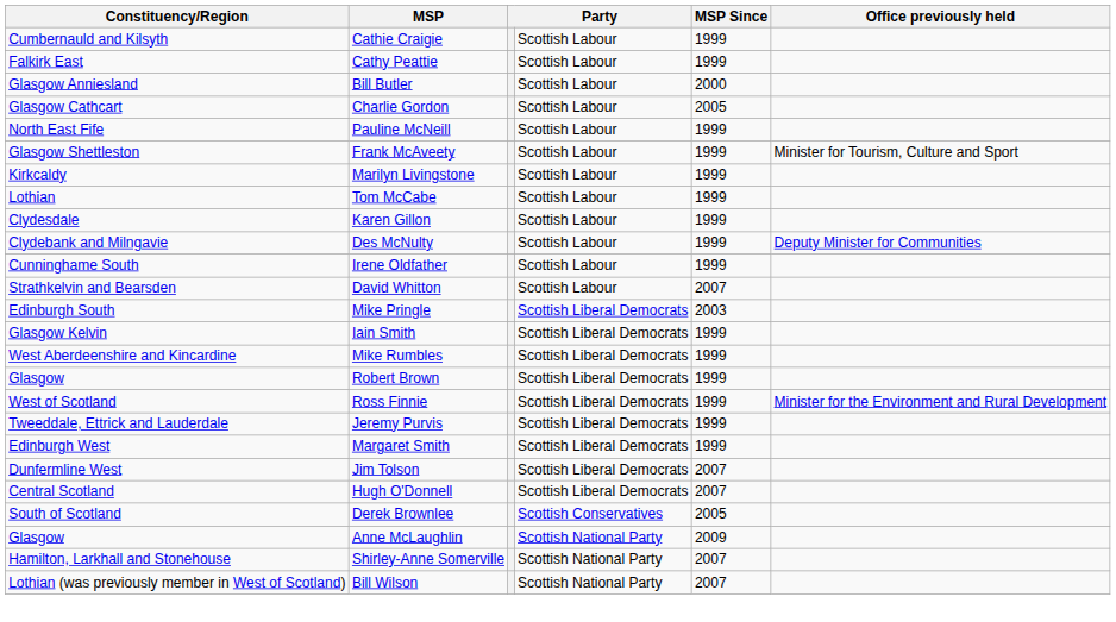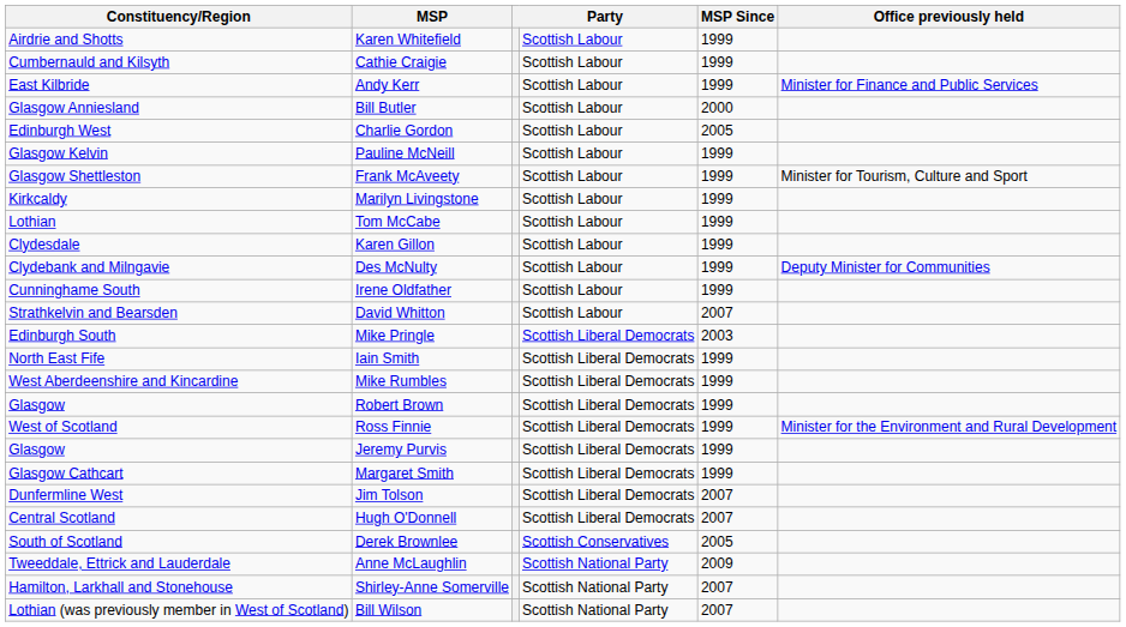 <table class="wikitable">
 <tr>
 <th>Constituency/Region</th>
 <th>MSP</th>
 <th colspan="2">Party</th>
 <th>MSP Since</th>
 <th>Office previously held</th>
+</tr>
+<tr>
+<td><a href='#'>Airdrie and Shotts</a></td>
+<td><a href='#'>Karen Whitefield</a></td>
+<th style="background-color: "></th>
+<td><a href='#'>Scottish Labour</a></td>
+<td>1999</td>
+<td></td>
 </tr>
 <tr>
 <td><a href='#'>Cumbernauld and Kilsyth</a></td>
 <td><a href='#'>Cathie Craigie</a></td>
 <th style="background-color: "></th>
 <td>Scottish Labour</td>
 <td>1999</td>
 <td></td>
 </tr>
 <tr>
-<td><a href='#'>Falkirk East</a></td>
-<td><a href='#'>Cathy Peattie</a></td>
+<td><a href='#'>East Kilbride</a></td>
+<td><a href='#'>Andy Kerr</a></td>
 <th style="background-color: "></th>
 <td>Scottish Labour</td>
 <td>1999</td>
-<td></td>
+<td><a href='#'>Minister for Finance and Public Services</a></td>
 </tr>
 <tr>
 <td><a href='#'>Glasgow Anniesland</a></td>
 <td><a href='#'>Bill Butler</a></td>
 <th style="background-color: "></th>
 <td>Scottish Labour</td>
 <td>2000</td>
 <td></td>
 </tr>
 <tr>
-<td><a href='#'>Glasgow Cathcart</a></td>
+<td><a href='#'>Edinburgh West</a></td>
 <td><a href='#'>Charlie Gordon</a></td>
 <th style="background-color: "></th>
 <td>Scottish Labour</td>
 <td>2005</td>
 <td></td>
 </tr>
 <tr>
-<td><a href='#'>North East Fife</a></td>
+<td><a href='#'>Glasgow Kelvin</a></td>
 <td><a href='#'>Pauline McNeill</a></td>
 <th style="background-color: "></th>
 <td>Scottish Labour</td>
 <td>1999</td>
 <td></td>
 </tr>
 <tr>
 <td><a href='#'>Glasgow Shettleston</a></td>
 <td><a href='#'>Frank McAveety</a></td>
 <th style="background-color: "></th>
 <td>Scottish Labour</td>
 <td>1999</td>
 <td>Minister for Tourism, Culture and Sport</td>
 </tr>
 <tr>
 <td><a href='#'>Kirkcaldy</a></td>
 <td><a href='#'>Marilyn Livingstone</a></td>
 <th style="background-color: "></th>
 <td>Scottish Labour</td>
 <td>1999</td>
 <td></td>
 </tr>
 <tr>
 <td><a href='#'>Lothian</a></td>
 <td><a href='#'>Tom McCabe</a></td>
 <th style="background-color: "></th>
 <td>Scottish Labour</td>
 <td>1999</td>
 <td></td>
 </tr>
 <tr>
 <td><a href='#'>Clydesdale</a></td>
 <td><a href='#'>Karen Gillon</a></td>
 <th style="background-color: "></th>
 <td>Scottish Labour</td>
 <td>1999</td>
 <td></td>
 </tr>
 <tr>
 <td><a href='#'>Clydebank and Milngavie</a></td>
 <td><a href='#'>Des McNulty</a></td>
 <th style="background-color: "></th>
 <td>Scottish Labour</td>
 <td>1999</td>
 <td><a href='#'>Deputy Minister for Communities</a></td>
 </tr>
 <tr>
 <td><a href='#'>Cunninghame South</a></td>
 <td><a href='#'>Irene Oldfather</a></td>
 <th style="background-color: "></th>
 <td>Scottish Labour</td>
 <td>1999</td>
 <td></td>
 </tr>
 <tr>
 <td><a href='#'>Strathkelvin and Bearsden</a></td>
 <td><a href='#'>David Whitton</a></td>
 <th style="background-color: "></th>
 <td>Scottish Labour</td>
 <td>2007</td>
 <td></td>
 </tr>
 <tr>
 <td><a href='#'>Edinburgh South</a></td>
 <td><a href='#'>Mike Pringle</a></td>
 <th style="background-color: "></th>
 <td><a href='#'>Scottish Liberal Democrats</a></td>
 <td>2003</td>
 <td></td>
 </tr>
 <tr>
-<td><a href='#'>Glasgow Kelvin</a></td>
+<td><a href='#'>North East Fife</a></td>
 <td><a href='#'>Iain Smith</a></td>
 <th style="background-color: "></th>
 <td>Scottish Liberal Democrats</td>
 <td>1999</td>
 <td></td>
 </tr>
 <tr>
 <td><a href='#'>West Aberdeenshire and Kincardine</a></td>
 <td><a href='#'>Mike Rumbles</a></td>
 <th style="background-color: "></th>
 <td>Scottish Liberal Democrats</td>
 <td>1999</td>
 <td></td>
 </tr>
 <tr>
 <td><a href='#'>Glasgow</a></td>
 <td><a href='#'>Robert Brown</a></td>
 <th style="background-color: "></th>
 <td>Scottish Liberal Democrats</td>
 <td>1999</td>
 <td></td>
 </tr>
 <tr>
 <td><a href='#'>West of Scotland</a></td>
 <td><a href='#'>Ross Finnie</a></td>
 <th style="background-color: "></th>
 <td>Scottish Liberal Democrats</td>
 <td>1999</td>
 <td><a href='#'>Minister for the Environment and Rural Development</a></td>
 </tr>
 <tr>
-<td><a href='#'>Tweeddale, Ettrick and Lauderdale</a></td>
+<td><a href='#'>Glasgow</a></td>
 <td><a href='#'>Jeremy Purvis</a></td>
 <th style="background-color: "></th>
 <td>Scottish Liberal Democrats</td>
 <td>1999</td>
 <td></td>
 </tr>
 <tr>
-<td><a href='#'>Edinburgh West</a></td>
+<td><a href='#'>Glasgow Cathcart</a></td>
 <td><a href='#'>Margaret Smith</a></td>
 <th style="background-color: "></th>
 <td>Scottish Liberal Democrats</td>
 <td>1999</td>
 <td></td>
 </tr>
 <tr>
 <td><a href='#'>Dunfermline West</a></td>
 <td><a href='#'>Jim Tolson</a></td>
 <th style="background-color: "></th>
 <td>Scottish Liberal Democrats</td>
 <td>2007</td>
 <td></td>
 </tr>
 <tr>
 <td><a href='#'>Central Scotland</a></td>
 <td><a href='#'>Hugh O'Donnell</a></td>
 <th style="background-color: "></th>
 <td>Scottish Liberal Democrats</td>
 <td>2007</td>
 <td></td>
 </tr>
 <tr>
 <td><a href='#'>South of Scotland</a></td>
 <td><a href='#'>Derek Brownlee</a></td>
 <th style="background-color: "></th>
 <td><a href='#'>Scottish Conservatives</a></td>
 <td>2005</td>
 <td></td>
 </tr>
 <tr>
-<td><a href='#'>Glasgow</a></td>
+<td><a href='#'>Tweeddale, Ettrick and Lauderdale</a></td>
 <td><a href='#'>Anne McLaughlin</a></td>
 <th style="background-color: "></th>
 <td><a href='#'>Scottish National Party</a></td>
 <td>2009</td>
 <td></td>
 </tr>
 <tr>
 <td><a href='#'>Hamilton, Larkhall and Stonehouse</a></td>
 <td><a href='#'>Shirley-Anne Somerville</a></td>
 <th style="background-color: "></th>
 <td>Scottish National Party</td>
 <td>2007</td>
 <td></td>
 </tr>
 <tr>
 <td><a href='#'>Lothian</a> (was previously member in <a href='#'>West of Scotland</a>)</td>
 <td><a href='#'>Bill Wilson</a></td>
 <th style="background-color: "></th>
 <td>Scottish National Party</td>
 <td>2007</td>
 <td></td>
 </tr>
 </table>
